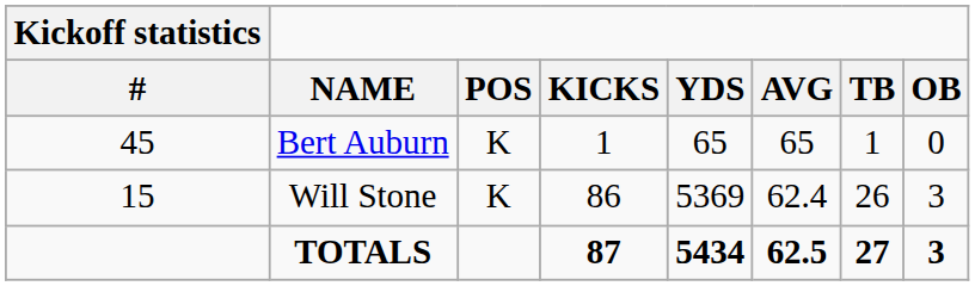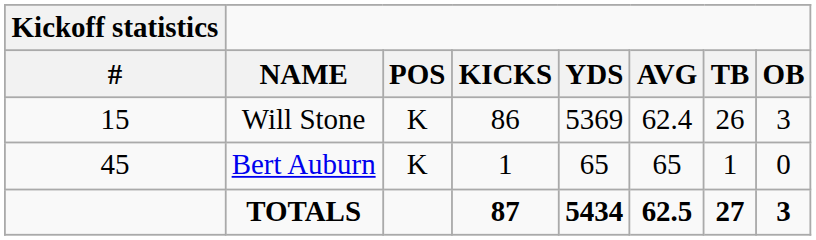 <table style="text-align:center;" class="wikitable">
 <tr>
 <th style="text-align:center; ">Kickoff statistics</th>
 </tr>
 <tr>
 <th>#</th>
 <th>NAME</th>
 <th>POS</th>
 <th>KICKS</th>
 <th>YDS</th>
 <th>AVG</th>
 <th>TB</th>
 <th>OB</th>
 </tr>
 <tr>
+<td>15</td>
+<td>Will Stone</td>
+<td>K</td>
+<td>86</td>
+<td>5369</td>
+<td>62.4</td>
+<td>26</td>
+<td>3</td>
+</tr>
+<tr>
 <td>45</td>
 <td><a href='#'>Bert Auburn</a></td>
 <td>K</td>
 <td>1</td>
 <td>65</td>
 <td>65</td>
 <td>1</td>
 <td>0</td>
-</tr>
-<tr>
-<td>15</td>
-<td>Will Stone</td>
-<td>K</td>
-<td>86</td>
-<td>5369</td>
-<td>62.4</td>
-<td>26</td>
-<td>3</td>
 </tr>
 <tr>
 <td></td>
 <td><strong>TOTALS</strong></td>
 <td></td>
 <td><strong>87</strong></td>
 <td><strong>5434</strong></td>
 <td><strong>62.5</strong></td>
 <td><strong>27</strong></td>
 <td><strong>3</strong></td>
 </tr>
 </table>
